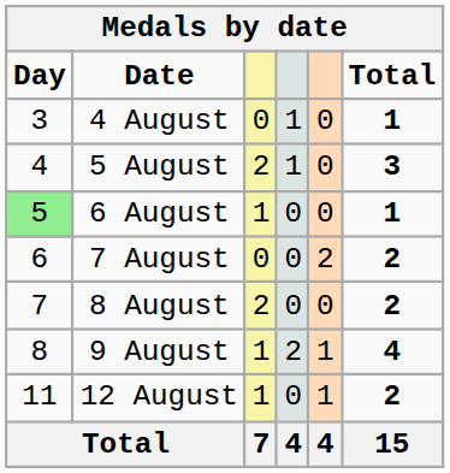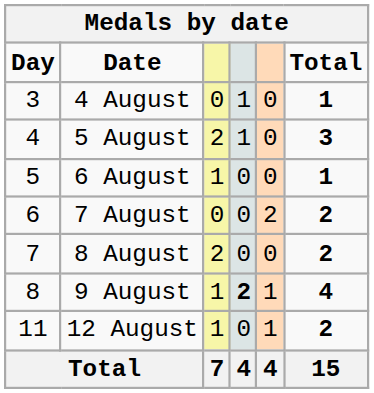 <table class="wikitable" style="font-size:85%; text-align:center;">
 <tr style="background:#efefef;">
 <th colspan=6><strong>Medals by date</strong></th>
 </tr>
 <tr>
 <td><strong>Day</strong></td>
 <td><strong>Date</strong></td>
 <td style="background:#F7F6A8;"></td>
 <td style="background:#DCE5E5;"></td>
 <td style="background:#FFDAB9;"></td>
 <td><strong>Total</strong></td>
 </tr>
 <tr>
 <td>3</td>
 <td>4 August</td>
 <td style="background:#F7F6A8;">0</td>
 <td style="background:#DCE5E5;">1</td>
 <td style="background:#FFDAB9;">0</td>
 <td><strong>1</strong></td>
 </tr>
 <tr>
 <td>4</td>
 <td>5 August</td>
 <td style="background:#F7F6A8;">2</td>
 <td style="background:#DCE5E5;">1</td>
 <td style="background:#FFDAB9;">0</td>
 <td><strong>3</strong></td>
 </tr>
 <tr>
-<td style="background: lightgreen;">5</td>
+<td>5</td>
 <td>6 August</td>
 <td style="background:#F7F6A8;">1</td>
 <td style="background:#DCE5E5;">0</td>
 <td style="background:#FFDAB9;">0</td>
 <td><strong>1</strong></td>
 </tr>
 <tr>
 <td>6</td>
 <td>7 August</td>
 <td style="background:#F7F6A8;">0</td>
 <td style="background:#DCE5E5;">0</td>
 <td style="background:#FFDAB9;">2</td>
 <td><strong>2</strong></td>
 </tr>
 <tr>
 <td>7</td>
 <td>8 August</td>
 <td style="background:#F7F6A8;">2</td>
 <td style="background:#DCE5E5;">0</td>
 <td style="background:#FFDAB9;">0</td>
 <td><strong>2</strong></td>
 </tr>
 <tr>
 <td>8</td>
 <td>9 August</td>
 <td style="background:#F7F6A8;">1</td>
-<td style="background:#DCE5E5;">2</td>
+<td style="background:#DCE5E5;"><strong>2</strong></td>
 <td style="background:#FFDAB9;">1</td>
 <td><strong>4</strong></td>
 </tr>
 <tr>
 <td>11</td>
 <td>12 August</td>
 <td style="background:#F7F6A8;">1</td>
 <td style="background:#DCE5E5;">0</td>
 <td style="background:#FFDAB9;">1</td>
 <td><strong>2</strong></td>
 </tr>
 <tr>
 <th colspan="2">Total</th>
 <th>7</th>
 <th>4</th>
 <th>4</th>
 <th>15</th>
 </tr>
 </table>
